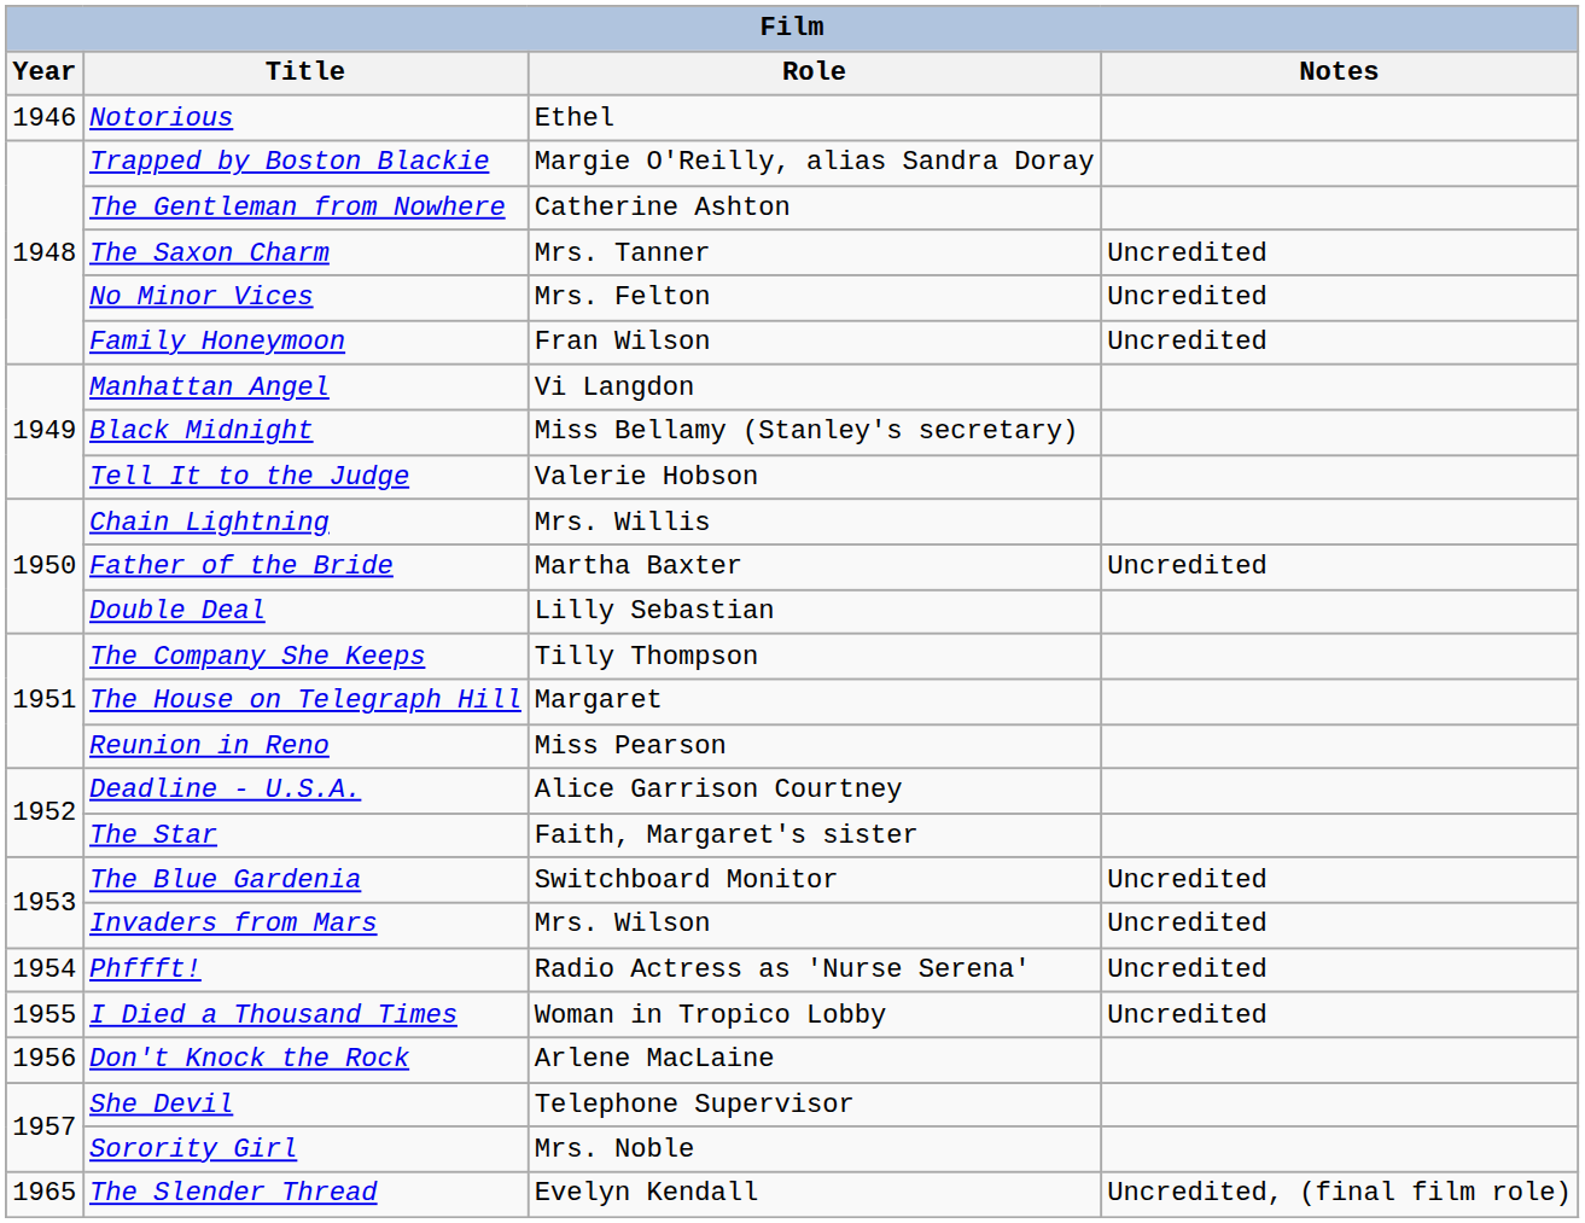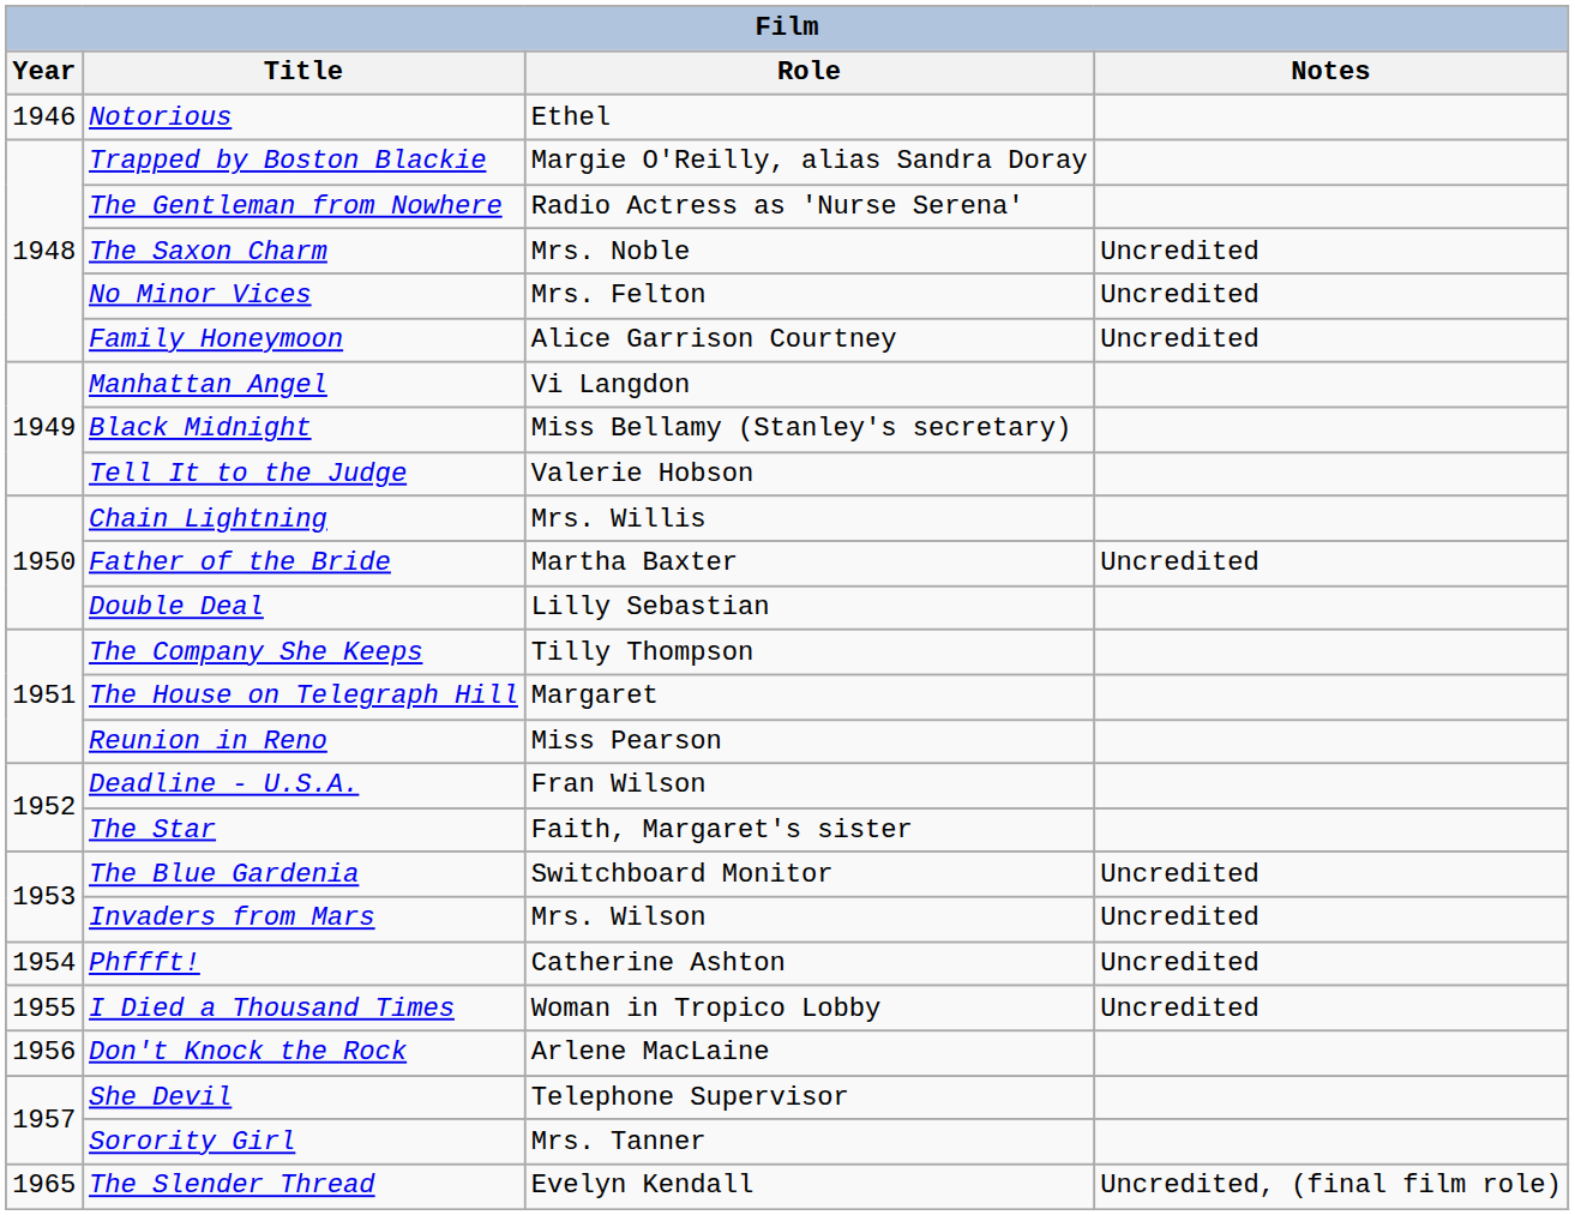 <table class="wikitable" style="font-size: 90%;">
 <tr>
 <th colspan="4" style="background: LightSteelBlue;">Film</th>
 </tr>
 <tr>
 <th>Year</th>
 <th>Title</th>
 <th>Role</th>
 <th>Notes</th>
 </tr>
 <tr>
 <td>1946</td>
 <td><em><a href='#'>Notorious</a></em></td>
 <td>Ethel</td>
 <td></td>
 </tr>
 <tr>
 <td rowspan=5>1948</td>
 <td><em><a href='#'>Trapped by Boston Blackie</a></em></td>
 <td>Margie O'Reilly, alias Sandra Doray</td>
 <td></td>
 </tr>
 <tr>
 <td><em><a href='#'>The Gentleman from Nowhere</a></em></td>
-<td>Catherine Ashton</td>
+<td>Radio Actress as 'Nurse Serena'</td>
 <td></td>
 </tr>
 <tr>
 <td><em><a href='#'>The Saxon Charm</a></em></td>
-<td>Mrs. Tanner</td>
+<td>Mrs. Noble</td>
 <td>Uncredited</td>
 </tr>
 <tr>
 <td><em><a href='#'>No Minor Vices</a></em></td>
 <td>Mrs. Felton</td>
 <td>Uncredited</td>
 </tr>
 <tr>
 <td><em><a href='#'>Family Honeymoon</a></em></td>
-<td>Fran Wilson</td>
+<td>Alice Garrison Courtney</td>
 <td>Uncredited</td>
 </tr>
 <tr>
 <td rowspan=3>1949</td>
 <td><em><a href='#'>Manhattan Angel</a></em></td>
 <td>Vi Langdon</td>
 <td></td>
 </tr>
 <tr>
 <td><em><a href='#'>Black Midnight</a></em></td>
 <td>Miss Bellamy (Stanley's secretary)</td>
 <td></td>
 </tr>
 <tr>
 <td><em><a href='#'>Tell It to the Judge</a></em></td>
 <td>Valerie Hobson</td>
 <td></td>
 </tr>
 <tr>
 <td rowspan=3>1950</td>
 <td><em><a href='#'>Chain Lightning</a></em></td>
 <td>Mrs. Willis</td>
 <td></td>
 </tr>
 <tr>
 <td><em><a href='#'>Father of the Bride</a></em></td>
 <td>Martha Baxter</td>
 <td>Uncredited</td>
 </tr>
 <tr>
 <td><em><a href='#'>Double Deal</a></em></td>
 <td>Lilly Sebastian</td>
 <td></td>
 </tr>
 <tr>
 <td rowspan=3>1951</td>
 <td><em><a href='#'>The Company She Keeps</a></em></td>
 <td>Tilly Thompson</td>
 <td></td>
 </tr>
 <tr>
 <td><em><a href='#'>The House on Telegraph Hill</a></em></td>
 <td>Margaret</td>
 <td></td>
 </tr>
 <tr>
 <td><em><a href='#'>Reunion in Reno</a></em></td>
 <td>Miss Pearson</td>
 <td></td>
 </tr>
 <tr>
 <td rowspan=2>1952</td>
 <td><em><a href='#'>Deadline - U.S.A.</a></em></td>
-<td>Alice Garrison Courtney</td>
+<td>Fran Wilson</td>
 <td></td>
 </tr>
 <tr>
 <td><em><a href='#'>The Star</a></em></td>
 <td>Faith, Margaret's sister</td>
 <td></td>
 </tr>
 <tr>
 <td rowspan=2>1953</td>
 <td><em><a href='#'>The Blue Gardenia</a></em></td>
 <td>Switchboard Monitor</td>
 <td>Uncredited</td>
 </tr>
 <tr>
 <td><em><a href='#'>Invaders from Mars</a></em></td>
 <td>Mrs. Wilson</td>
 <td>Uncredited</td>
 </tr>
 <tr>
 <td>1954</td>
 <td><em><a href='#'>Phffft!</a></em></td>
-<td>Radio Actress as 'Nurse Serena'</td>
+<td>Catherine Ashton</td>
 <td>Uncredited</td>
 </tr>
 <tr>
 <td>1955</td>
 <td><em><a href='#'>I Died a Thousand Times</a></em></td>
 <td>Woman in Tropico Lobby</td>
 <td>Uncredited</td>
 </tr>
 <tr>
 <td>1956</td>
 <td><em><a href='#'>Don't Knock the Rock</a></em></td>
 <td>Arlene MacLaine</td>
 <td></td>
 </tr>
 <tr>
 <td rowspan=2>1957</td>
 <td><em><a href='#'>She Devil</a></em></td>
 <td>Telephone Supervisor</td>
 <td></td>
 </tr>
 <tr>
 <td><em><a href='#'>Sorority Girl</a></em></td>
-<td>Mrs. Noble</td>
+<td>Mrs. Tanner</td>
 <td></td>
 </tr>
 <tr>
 <td>1965</td>
 <td><em><a href='#'>The Slender Thread</a></em></td>
 <td>Evelyn Kendall</td>
 <td>Uncredited, (final film role)</td>
 </tr>
 <tr>
 </tr>
 </table>
